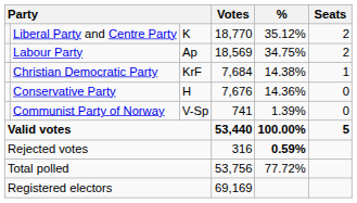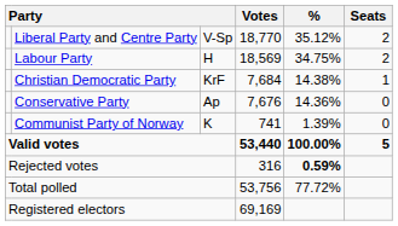 <table class="wikitable" border="1" style="text-align:right;">
 <tr>
 <th style="text-align:left;" colspan=3>Party</th>
 <th align=center width="50">Votes</th>
 <th align=center width="50">%</th>
 <th align=center width="50">Seats</th>
 </tr>
 <tr>
 <td></td>
 <td align=left><a href='#'>Liberal Party</a> and <a href='#'>Centre Party</a></td>
-<td align=left>K</td>
+<td align=left>V-Sp</td>
 <td>18,770</td>
 <td>35.12%</td>
 <td>2</td>
 </tr>
 <tr>
 <td style="color:inherit;background:"></td>
 <td align=left><a href='#'>Labour Party</a></td>
-<td align=left>Ap</td>
+<td align=left>H</td>
 <td>18,569</td>
 <td>34.75%</td>
 <td>2</td>
 </tr>
 <tr>
 <td style="color:inherit;background:"></td>
 <td align=left><a href='#'>Christian Democratic Party</a></td>
 <td align=left>KrF</td>
 <td>7,684</td>
 <td>14.38%</td>
 <td>1</td>
 </tr>
 <tr>
 <td style="color:inherit;background:"></td>
 <td align=left><a href='#'>Conservative Party</a></td>
-<td align=left>H</td>
+<td align=left>Ap</td>
 <td>7,676</td>
 <td>14.36%</td>
 <td>0</td>
 </tr>
 <tr>
 <td style="color:inherit;background:"></td>
 <td align=left><a href='#'>Communist Party of Norway</a></td>
-<td align=left>V-Sp</td>
+<td align=left>K</td>
 <td>741</td>
 <td>1.39%</td>
 <td>0</td>
 </tr>
 <tr style="font-weight:bold">
 <td align=left colspan=3>Valid votes</td>
 <td>53,440</td>
 <td>100.00%</td>
 <td>5</td>
 </tr>
 <tr>
 <td align=left colspan=3>Rejected votes</td>
 <td>316</td>
 <td><strong>0.59%</strong></td>
 <td></td>
 </tr>
 <tr>
 <td align=left colspan=3>Total polled</td>
 <td>53,756</td>
 <td>77.72%</td>
 <td></td>
 </tr>
 <tr>
 <td align=left colspan=3>Registered electors</td>
 <td>69,169</td>
 <td></td>
 <td></td>
 </tr>
 </table>
